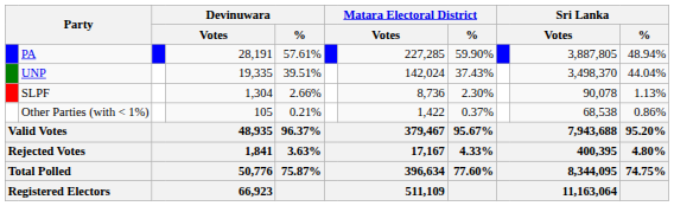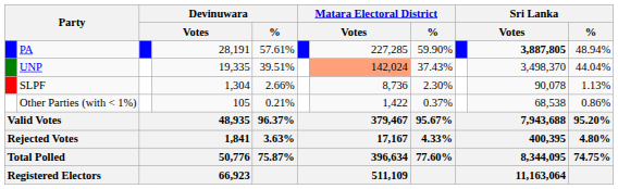 <table class="wikitable">
 <tr>
 <th colspan="2" width="144px"rowspan="2">Party</th>
 <th colspan="3" width="216px">Devinuwara</th>
 <th colspan="3" width="216px"><a href='#'>Matara Electoral District</a></th>
 <th colspan="3" width="216px">Sri Lanka</th>
 </tr>
 <tr>
 <th colspan="2" width="144px">Votes</th>
 <th>%</th>
 <th colspan="2" width="144px">Votes</th>
 <th>%</th>
 <th colspan="2" width="144px">Votes</th>
 <th>%</th>
 </tr>
 <tr>
 <td style="background-color:blue;" width="10px"></td>
 <td style="text-align:left;"><a href='#'>PA</a></td>
 <td style="background-color:blue;" width="10px"></td>
 <td style="text-align:right;">28,191</td>
 <td style="text-align:right;">57.61%</td>
 <td style="background-color:blue;" width="10px"></td>
 <td style="text-align:right;">227,285</td>
 <td style="text-align:right;">59.90%</td>
 <td style="background-color:blue;" width="10px"></td>
-<td style="text-align:right;">3,887,805</td>
+<td style="text-align:right;"><strong>3,887,805</strong></td>
 <td style="text-align:right;">48.94%</td>
 </tr>
 <tr>
 <td style="background-color:green;" width="10px"></td>
 <td style="text-align:left;"><a href='#'>UNP</a></td>
 <td style="background-color:white;" width="10px"></td>
 <td style="text-align:right;">19,335</td>
 <td style="text-align:right;">39.51%</td>
 <td style="background-color:white;" width="10px"></td>
-<td style="text-align:right;">142,024</td>
+<td style="background: lightsalmon; text-align:right;">142,024</td>
 <td style="text-align:right;">37.43%</td>
 <td style="background-color:white;" width="10px"></td>
 <td style="text-align:right;">3,498,370</td>
 <td style="text-align:right;">44.04%</td>
 </tr>
 <tr>
 <td style="background-color:red;" width="10px"></td>
 <td style="text-align:left;">SLPF</td>
 <td style="background-color:white;" width="10px"></td>
 <td style="text-align:right;">1,304</td>
 <td style="text-align:right;">2.66%</td>
 <td style="background-color:white;" width="10px"></td>
 <td style="text-align:right;">8,736</td>
 <td style="text-align:right;">2.30%</td>
 <td style="background-color:white;" width="10px"></td>
 <td style="text-align:right;">90,078</td>
 <td style="text-align:right;">1.13%</td>
 </tr>
 <tr>
 <td style="background-color:white;" width="10px"></td>
 <td style="text-align:left;">Other Parties (with < 1%)</td>
 <td style="background-color:white;" width="10px"></td>
 <td style="text-align:right;">105</td>
 <td style="text-align:right;">0.21%</td>
 <td style="background-color:white;" width="10px"></td>
 <td style="text-align:right;">1,422</td>
 <td style="text-align:right;">0.37%</td>
 <td style="background-color:white;" width="10px"></td>
 <td style="text-align:right;">68,538</td>
 <td style="text-align:right;">0.86%</td>
 </tr>
 <tr>
 <th colspan="2" width="144px"style="text-align:left;">Valid Votes</th>
 <th style="text-align:right;"colspan="2" width="144px">48,935</th>
 <th style="text-align:right;">96.37%</th>
 <th style="text-align:right;"colspan="2" width="144px">379,467</th>
 <th style="text-align:right;">95.67%</th>
 <th style="text-align:right;"colspan="2" width="144px">7,943,688</th>
 <th style="text-align:right;">95.20%</th>
 </tr>
 <tr>
 <th colspan="2" width="144px"style="text-align:left;">Rejected Votes</th>
 <th style="text-align:right;"colspan="2" width="144px">1,841</th>
 <th style="text-align:right;">3.63%</th>
 <th style="text-align:right;"colspan="2" width="144px">17,167</th>
 <th style="text-align:right;">4.33%</th>
 <th style="text-align:right;"colspan="2" width="144px">400,395</th>
 <th style="text-align:right;">4.80%</th>
 </tr>
 <tr>
 <th colspan="2" width="144px"style="text-align:left;">Total Polled</th>
 <th style="text-align:right;"colspan="2" width="144px">50,776</th>
 <th style="text-align:right;">75.87%</th>
 <th style="text-align:right;"colspan="2" width="144px">396,634</th>
 <th style="text-align:right;">77.60%</th>
 <th style="text-align:right;"colspan="2" width="144px">8,344,095</th>
 <th style="text-align:right;">74.75%</th>
 </tr>
 <tr>
 <th colspan="2" width="144px"style="text-align:left;">Registered Electors</th>
 <th style="text-align:right;"colspan="2" width="144px">66,923</th>
 <th></th>
 <th style="text-align:right;"colspan="2" width="144px">511,109</th>
 <th></th>
 <th style="text-align:right;"colspan="2" width="144px">11,163,064</th>
 <th></th>
 </tr>
 </table>
